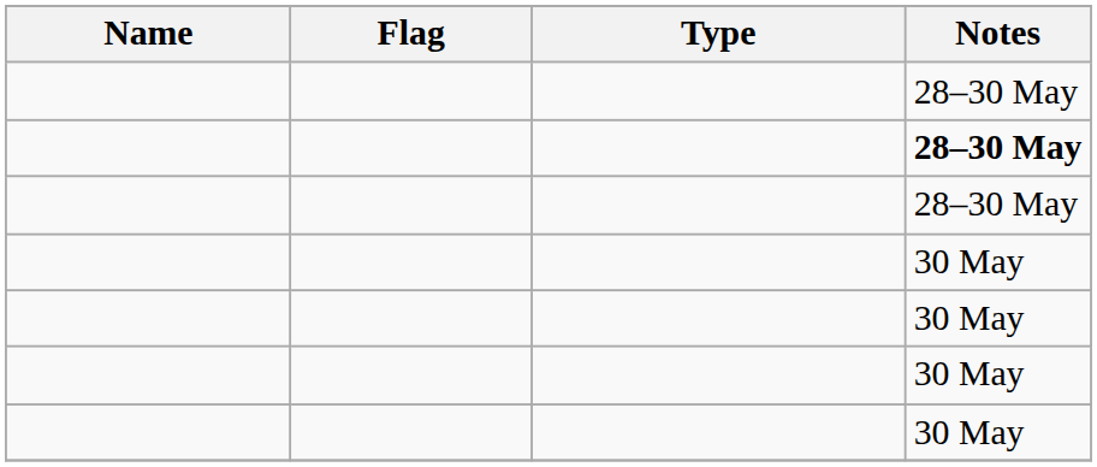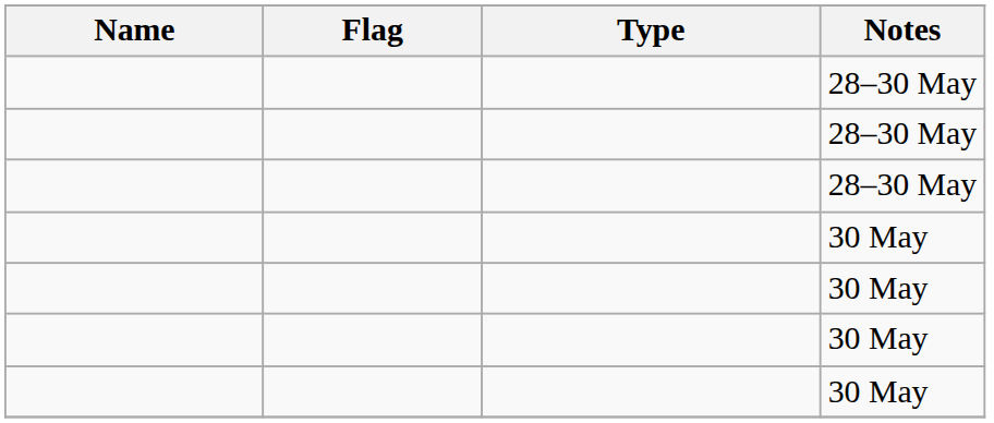 <table class="wikitable sortable">
 <tr>
 </tr>
 <tr>
 <th scope="col" width="120px">Name</th>
 <th scope="col" width="100px">Flag</th>
 <th scope="col" width="160px">Type</th>
 <th>Notes</th>
 </tr>
 <tr>
 <td align="left"></td>
 <td align="left"></td>
 <td align="left"></td>
 <td align="left">28–30 May</td>
 </tr>
 <tr>
 <td align="left"></td>
 <td align="left"></td>
 <td align="left"></td>
-<td align="left"><strong>28–30 May</strong></td>
+<td align="left">28–30 May</td>
 </tr>
 <tr>
 <td align="left"></td>
 <td align="left"></td>
 <td align="left"></td>
 <td align="left">28–30 May</td>
 </tr>
 <tr>
 <td align="left"></td>
 <td align="left"></td>
 <td align="left"></td>
 <td align="left">30 May</td>
 </tr>
 <tr>
 <td align="left"></td>
 <td align="left"></td>
 <td align="left"></td>
 <td align="left">30 May</td>
 </tr>
 <tr>
 <td align="left"></td>
 <td align="left"></td>
 <td align="left"></td>
 <td align="left">30 May</td>
 </tr>
 <tr>
 <td align="left"></td>
 <td align="left"></td>
 <td align="left"></td>
 <td align="left">30 May</td>
 </tr>
 <tr>
 </tr>
 </table>
